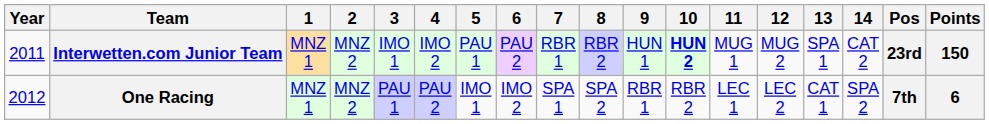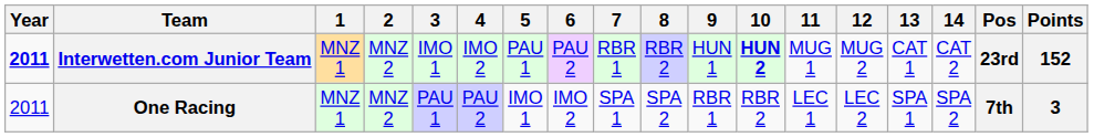 <table class="wikitable" style="text-align:center; font-size:85%">
 <tr>
 <th>Year</th>
 <th>Team</th>
 <th>1</th>
 <th>2</th>
 <th>3</th>
 <th>4</th>
 <th>5</th>
 <th>6</th>
 <th>7</th>
 <th>8</th>
 <th>9</th>
 <th>10</th>
 <th>11</th>
 <th>12</th>
 <th>13</th>
 <th>14</th>
 <th>Pos</th>
 <th>Points</th>
 </tr>
 <tr>
-<td><a href='#'>2011</a></td>
+<td><strong><a href='#'>2011</a></strong></td>
 <th nowrap><a href='#'>Interwetten.com Junior Team</a></th>
 <td style="background:#FFDF9F;"><a href='#'>MNZ<br>1</a><br></td>
 <td style="background:#DFFFDF;"><a href='#'>MNZ<br>2</a><br></td>
 <td style="background:#DFFFDF;"><a href='#'>IMO<br>1</a><br></td>
 <td style="background:#DFFFDF;"><a href='#'>IMO<br>2</a><br></td>
 <td style="background:#DFFFDF;"><a href='#'>PAU<br>1</a><br></td>
 <td style="background:#EFCFFF;"><a href='#'>PAU<br>2</a><br></td>
 <td style="background:#DFFFDF;"><a href='#'>RBR<br>1</a><br></td>
 <td style="background:#CFCFFF;"><a href='#'>RBR<br>2</a><br></td>
 <td style="background:#DFFFDF;"><a href='#'>HUN<br>1</a><br></td>
 <td style="background:#DFFFDF;"><strong><a href='#'>HUN<br>2</a><br></strong></td>
 <td style="background:#;"><a href='#'>MUG<br>1</a><br></td>
 <td style="background:#;"><a href='#'>MUG<br>2</a><br></td>
-<td style="background:#;"><a href='#'>SPA<br>1</a><br></td>
+<td style="background:#;"><a href='#'>CAT<br>1</a><br></td>
 <td style="background:#;"><a href='#'>CAT<br>2</a><br></td>
 <th>23rd</th>
-<th>150</th>
+<th>152</th>
 </tr>
 <tr>
-<td><a href='#'>2012</a></td>
+<td><a href='#'>2011</a></td>
 <th nowrap>One Racing</th>
 <td style="background:#DFFFDF;"><a href='#'>MNZ<br>1</a><br></td>
 <td style="background:#DFFFDF;"><a href='#'>MNZ<br>2</a><br></td>
 <td style="background:#CFCFFF;"><a href='#'>PAU<br>1</a><br></td>
 <td style="background:#CFCFFF;"><a href='#'>PAU<br>2</a><br></td>
 <td style="background:#;"><a href='#'>IMO<br>1</a><br></td>
 <td style="background:#;"><a href='#'>IMO<br>2</a><br></td>
 <td style="background:#;"><a href='#'>SPA<br>1</a><br></td>
 <td style="background:#;"><a href='#'>SPA<br>2</a><br></td>
 <td style="background:#;"><a href='#'>RBR<br>1</a><br></td>
 <td style="background:#;"><a href='#'>RBR<br>2</a><br></td>
 <td style="background:#;"><a href='#'>LEC<br>1</a><br></td>
 <td style="background:#;"><a href='#'>LEC<br>2</a><br></td>
-<td style="background:#;"><a href='#'>CAT<br>1</a><br></td>
+<td style="background:#;"><a href='#'>SPA<br>1</a><br></td>
 <td style="background:#;"><a href='#'>SPA<br>2</a><br></td>
 <th>7th</th>
-<th>6</th>
+<th>3</th>
 </tr>
 </table>
